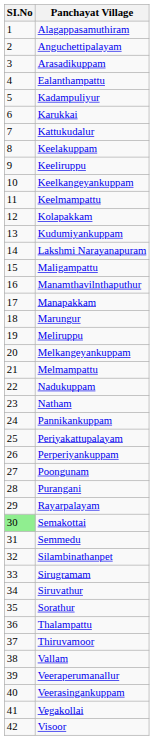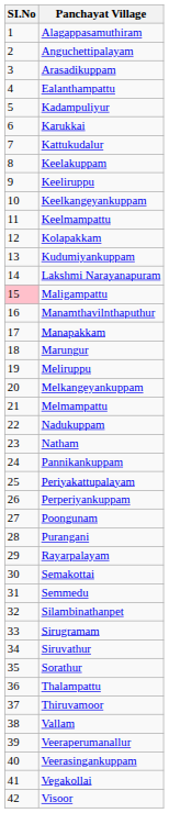 <table class="wikitable sortable">
 <tr>
 <th>SI.No</th>
 <th>Panchayat Village</th>
 </tr>
 <tr>
 <td>1</td>
 <td><a href='#'>Alagappasamuthiram</a></td>
 </tr>
 <tr>
 <td>2</td>
 <td><a href='#'>Anguchettipalayam</a></td>
 </tr>
 <tr>
 <td>3</td>
 <td><a href='#'>Arasadikuppam</a></td>
 </tr>
 <tr>
 <td>4</td>
 <td><a href='#'>Ealanthampattu</a></td>
 </tr>
 <tr>
 <td>5</td>
 <td><a href='#'>Kadampuliyur</a></td>
 </tr>
 <tr>
 <td>6</td>
 <td><a href='#'>Karukkai</a></td>
 </tr>
 <tr>
 <td>7</td>
 <td><a href='#'>Kattukudalur</a></td>
 </tr>
 <tr>
 <td>8</td>
 <td><a href='#'>Keelakuppam</a></td>
 </tr>
 <tr>
 <td>9</td>
 <td><a href='#'>Keeliruppu</a></td>
 </tr>
 <tr>
 <td>10</td>
 <td><a href='#'>Keelkangeyankuppam</a></td>
 </tr>
 <tr>
 <td>11</td>
 <td><a href='#'>Keelmampattu</a></td>
 </tr>
 <tr>
 <td>12</td>
 <td><a href='#'>Kolapakkam</a></td>
 </tr>
 <tr>
 <td>13</td>
 <td><a href='#'>Kudumiyankuppam</a></td>
 </tr>
 <tr>
 <td>14</td>
 <td><a href='#'>Lakshmi Narayanapuram</a></td>
 </tr>
 <tr>
-<td>15</td>
+<td style="background: pink;">15</td>
 <td><a href='#'>Maligampattu</a></td>
 </tr>
 <tr>
 <td>16</td>
 <td><a href='#'>Manamthavilnthaputhur</a></td>
 </tr>
 <tr>
 <td>17</td>
 <td><a href='#'>Manapakkam</a></td>
 </tr>
 <tr>
 <td>18</td>
 <td><a href='#'>Marungur</a></td>
 </tr>
 <tr>
 <td>19</td>
 <td><a href='#'>Meliruppu</a></td>
 </tr>
 <tr>
 <td>20</td>
 <td><a href='#'>Melkangeyankuppam</a></td>
 </tr>
 <tr>
 <td>21</td>
 <td><a href='#'>Melmampattu</a></td>
 </tr>
 <tr>
 <td>22</td>
 <td><a href='#'>Nadukuppam</a></td>
 </tr>
 <tr>
 <td>23</td>
 <td><a href='#'>Natham</a></td>
 </tr>
 <tr>
 <td>24</td>
 <td><a href='#'>Pannikankuppam</a></td>
 </tr>
 <tr>
 <td>25</td>
 <td><a href='#'>Periyakattupalayam</a></td>
 </tr>
 <tr>
 <td>26</td>
 <td><a href='#'>Perperiyankuppam</a></td>
 </tr>
 <tr>
 <td>27</td>
 <td><a href='#'>Poongunam</a></td>
 </tr>
 <tr>
 <td>28</td>
 <td><a href='#'>Purangani</a></td>
 </tr>
 <tr>
 <td>29</td>
 <td><a href='#'>Rayarpalayam</a></td>
 </tr>
 <tr>
-<td style="background: lightgreen;">30</td>
+<td>30</td>
 <td><a href='#'>Semakottai</a></td>
 </tr>
 <tr>
 <td>31</td>
 <td><a href='#'>Semmedu</a></td>
 </tr>
 <tr>
 <td>32</td>
 <td><a href='#'>Silambinathanpet</a></td>
 </tr>
 <tr>
 <td>33</td>
 <td><a href='#'>Sirugramam</a></td>
 </tr>
 <tr>
 <td>34</td>
 <td><a href='#'>Siruvathur</a></td>
 </tr>
 <tr>
 <td>35</td>
 <td><a href='#'>Sorathur</a></td>
 </tr>
 <tr>
 <td>36</td>
 <td><a href='#'>Thalampattu</a></td>
 </tr>
 <tr>
 <td>37</td>
 <td><a href='#'>Thiruvamoor</a></td>
 </tr>
 <tr>
 <td>38</td>
 <td><a href='#'>Vallam</a></td>
 </tr>
 <tr>
 <td>39</td>
 <td><a href='#'>Veeraperumanallur</a></td>
 </tr>
 <tr>
 <td>40</td>
 <td><a href='#'>Veerasingankuppam</a></td>
 </tr>
 <tr>
 <td>41</td>
 <td><a href='#'>Vegakollai</a></td>
 </tr>
 <tr>
 <td>42</td>
 <td><a href='#'>Visoor</a></td>
 </tr>
 </table>
